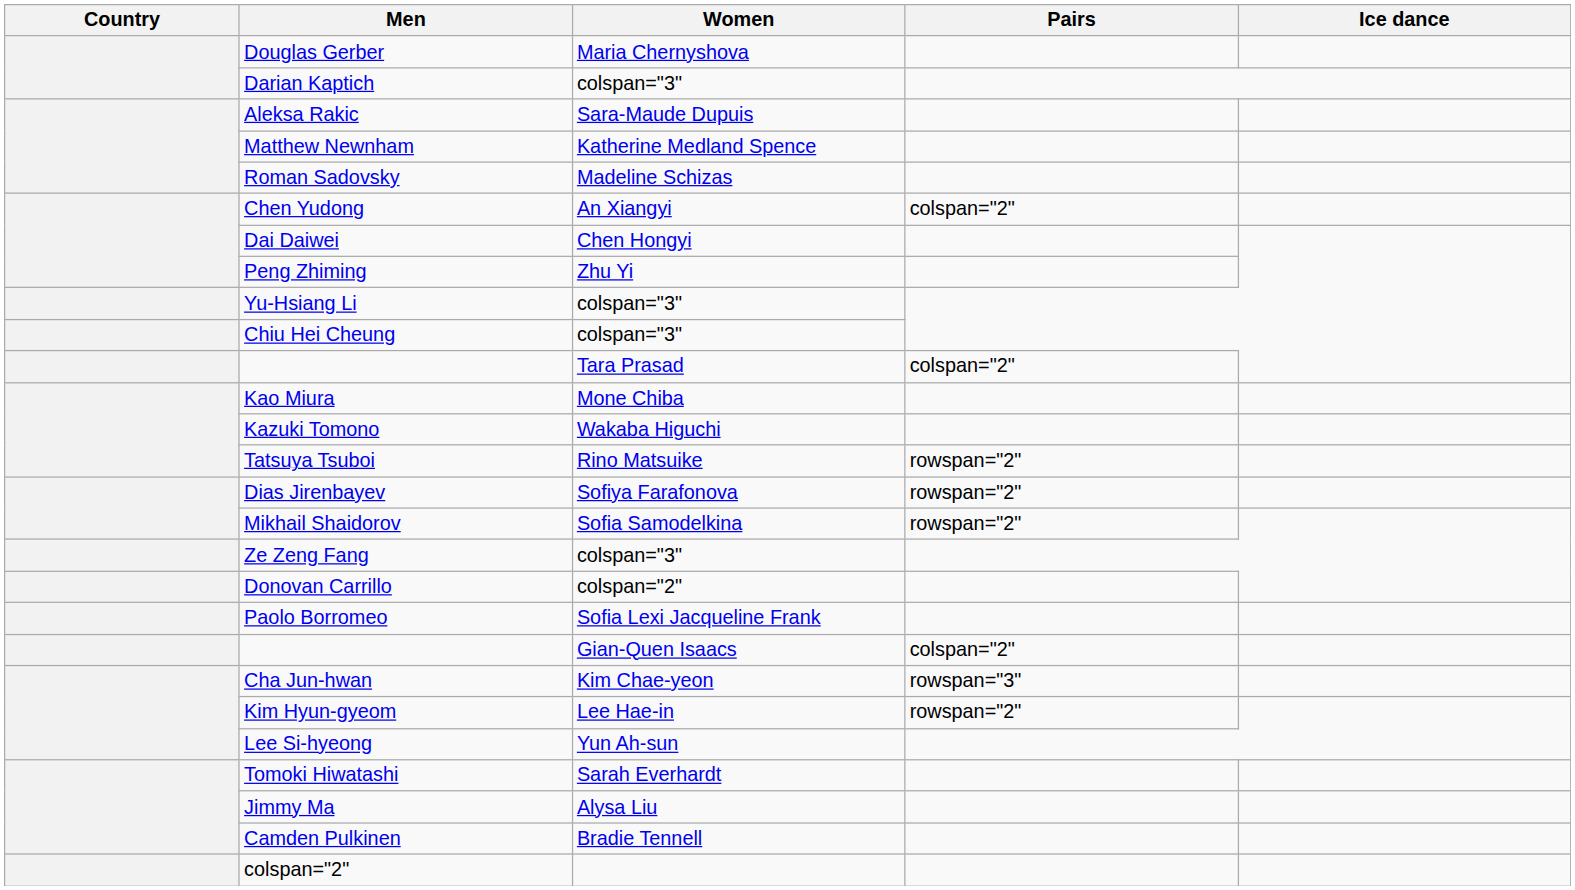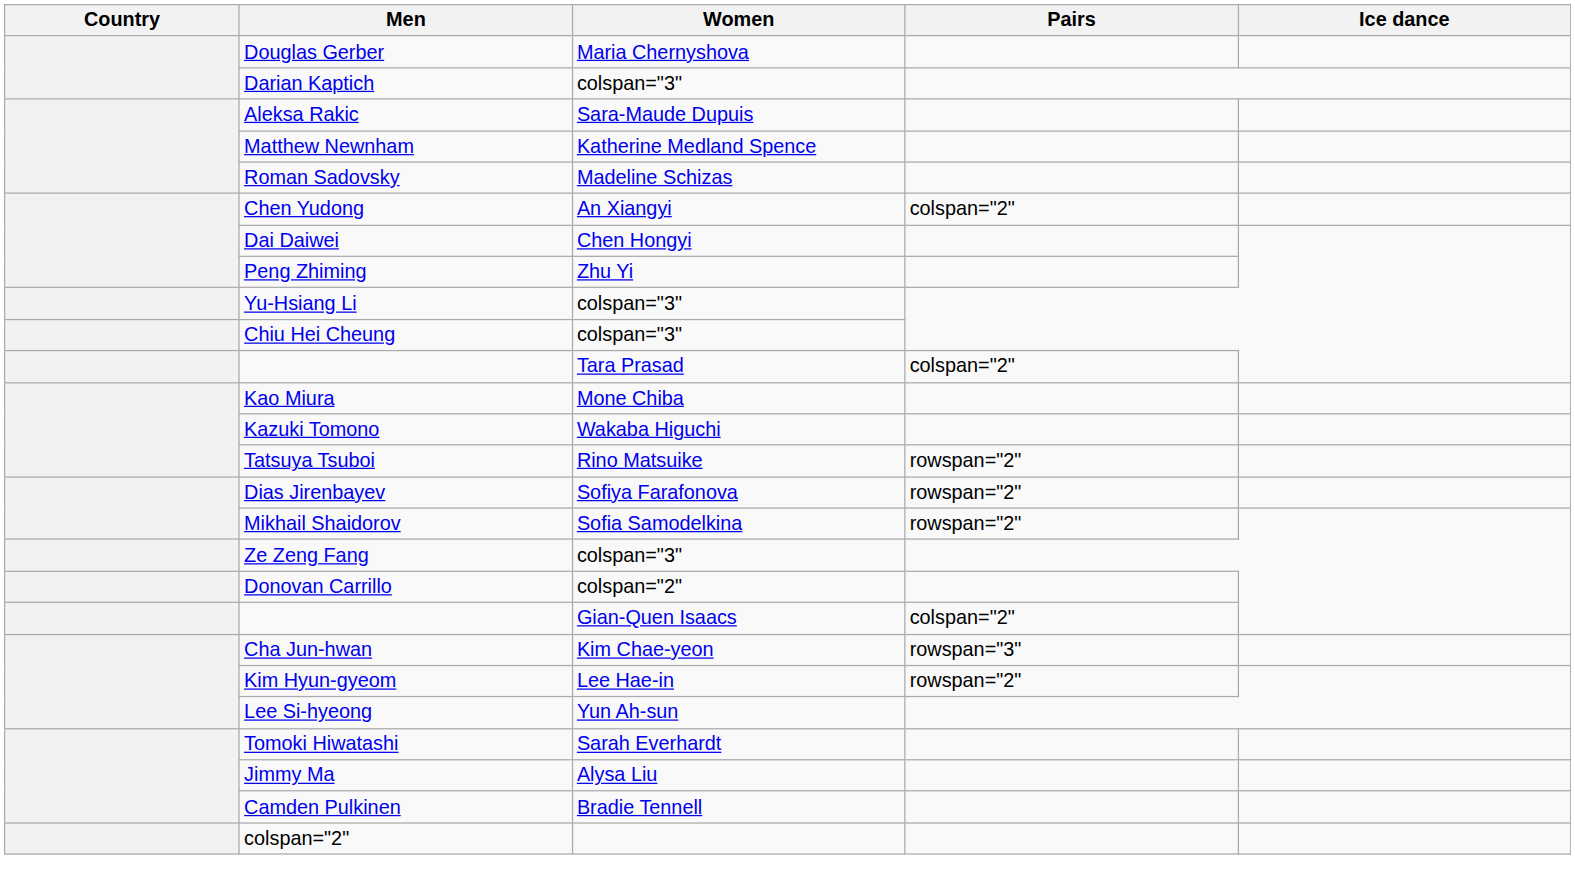 <table class="wikitable unsortable" style="text-align:left; width:100%">
 <tr>
 <th scope="col" style="width:15%">Country</th>
 <th scope="col" style="width:21.25%">Men</th>
 <th scope="col" style="width:21.25%">Women</th>
 <th scope="col" style="width:21.25%">Pairs</th>
 <th scope="col" style="width:21.25%">Ice dance</th>
 </tr>
 <tr>
 <th scope="row" style="text-align:left" rowspan="2"></th>
 <td><a href='#'>Douglas Gerber</a></td>
 <td><a href='#'>Maria Chernyshova</a></td>
 <td></td>
 <td></td>
 </tr>
 <tr>
 <td><a href='#'>Darian Kaptich</a></td>
 <td>colspan="3" </td>
 </tr>
 <tr>
 <th rowspan="3" scope="row" style="text-align:left"></th>
 <td><a href='#'>Aleksa Rakic</a></td>
 <td><a href='#'>Sara-Maude Dupuis</a></td>
 <td></td>
 <td></td>
 </tr>
 <tr>
 <td><a href='#'>Matthew Newnham</a></td>
 <td><a href='#'>Katherine Medland Spence</a></td>
 <td></td>
 <td></td>
 </tr>
 <tr>
 <td><a href='#'>Roman Sadovsky</a></td>
 <td><a href='#'>Madeline Schizas</a></td>
 <td></td>
 <td></td>
 </tr>
 <tr>
 <th scope="row" style="text-align:left" rowspan="3"></th>
 <td><a href='#'>Chen Yudong</a></td>
 <td><a href='#'>An Xiangyi</a></td>
 <td>colspan="2" </td>
 <td></td>
 </tr>
 <tr>
 <td><a href='#'>Dai Daiwei</a></td>
 <td><a href='#'>Chen Hongyi</a></td>
 <td></td>
 </tr>
 <tr>
 <td><a href='#'>Peng Zhiming</a></td>
 <td><a href='#'>Zhu Yi</a></td>
 <td></td>
 </tr>
 <tr>
 <th scope="row" style="text-align:left"></th>
 <td><a href='#'>Yu-Hsiang Li</a></td>
 <td>colspan="3" </td>
 </tr>
 <tr>
 <th scope="row" style="text-align:left"></th>
 <td><a href='#'>Chiu Hei Cheung</a></td>
 <td>colspan="3" </td>
 </tr>
 <tr>
 <th scope="row" style="text-align:left"></th>
 <td></td>
 <td><a href='#'>Tara Prasad</a></td>
 <td>colspan="2" </td>
 </tr>
 <tr>
 <th rowspan="3" scope="row" style="text-align:left"></th>
 <td><a href='#'>Kao Miura</a></td>
 <td><a href='#'>Mone Chiba</a></td>
 <td></td>
 <td></td>
 </tr>
 <tr>
 <td><a href='#'>Kazuki Tomono</a></td>
 <td><a href='#'>Wakaba Higuchi</a></td>
 <td></td>
 <td></td>
 </tr>
 <tr>
 <td><a href='#'>Tatsuya Tsuboi</a></td>
 <td><a href='#'>Rino Matsuike</a></td>
 <td>rowspan="2" </td>
 </tr>
 <tr>
 <th rowspan="2" scope="row" style="text-align:left"></th>
 <td><a href='#'>Dias Jirenbayev</a></td>
 <td><a href='#'>Sofiya Farafonova</a></td>
 <td>rowspan="2" </td>
 <td></td>
 </tr>
 <tr>
 <td><a href='#'>Mikhail Shaidorov</a></td>
 <td><a href='#'>Sofia Samodelkina</a></td>
 <td>rowspan="2" </td>
 </tr>
 <tr>
 <th scope="row" style="text-align:left"></th>
 <td><a href='#'>Ze Zeng Fang</a></td>
 <td>colspan="3" </td>
 </tr>
 <tr>
 <th scope="row" style="text-align:left"></th>
 <td><a href='#'>Donovan Carrillo</a></td>
 <td>colspan="2" </td>
 <td></td>
 </tr>
 <tr>
 <th scope="row" style="text-align:left"></th>
-<td><a href='#'>Paolo Borromeo</a></td>
-<td><a href='#'>Sofia Lexi Jacqueline Frank</a></td>
-<td></td>
-<td></td>
-</tr>
-<tr>
-<th scope="row" style="text-align:left"></th>
 <td></td>
 <td><a href='#'>Gian-Quen Isaacs</a></td>
 <td>colspan="2" </td>
 </tr>
 <tr>
 <th scope="row" style="text-align:left" rowspan="3"></th>
 <td><a href='#'>Cha Jun-hwan</a></td>
 <td><a href='#'>Kim Chae-yeon</a></td>
 <td>rowspan="3" </td>
 <td></td>
 </tr>
 <tr>
 <td><a href='#'>Kim Hyun-gyeom</a></td>
 <td><a href='#'>Lee Hae-in</a></td>
 <td>rowspan="2" </td>
 </tr>
 <tr>
 <td><a href='#'>Lee Si-hyeong</a></td>
 <td><a href='#'>Yun Ah-sun</a></td>
 </tr>
 <tr>
 <th rowspan="3" scope="row" style="text-align:left"></th>
 <td><a href='#'>Tomoki Hiwatashi</a></td>
 <td><a href='#'>Sarah Everhardt</a></td>
 <td></td>
 <td></td>
 </tr>
 <tr>
 <td><a href='#'>Jimmy Ma</a></td>
 <td><a href='#'>Alysa Liu</a></td>
 <td></td>
 <td></td>
 </tr>
 <tr>
 <td><a href='#'>Camden Pulkinen</a></td>
 <td><a href='#'>Bradie Tennell</a></td>
 <td></td>
 <td></td>
 </tr>
 <tr>
 <th scope="row" style="text-align:left"></th>
 <td>colspan="2" </td>
 <td></td>
 <td></td>
 </tr>
 </table>
